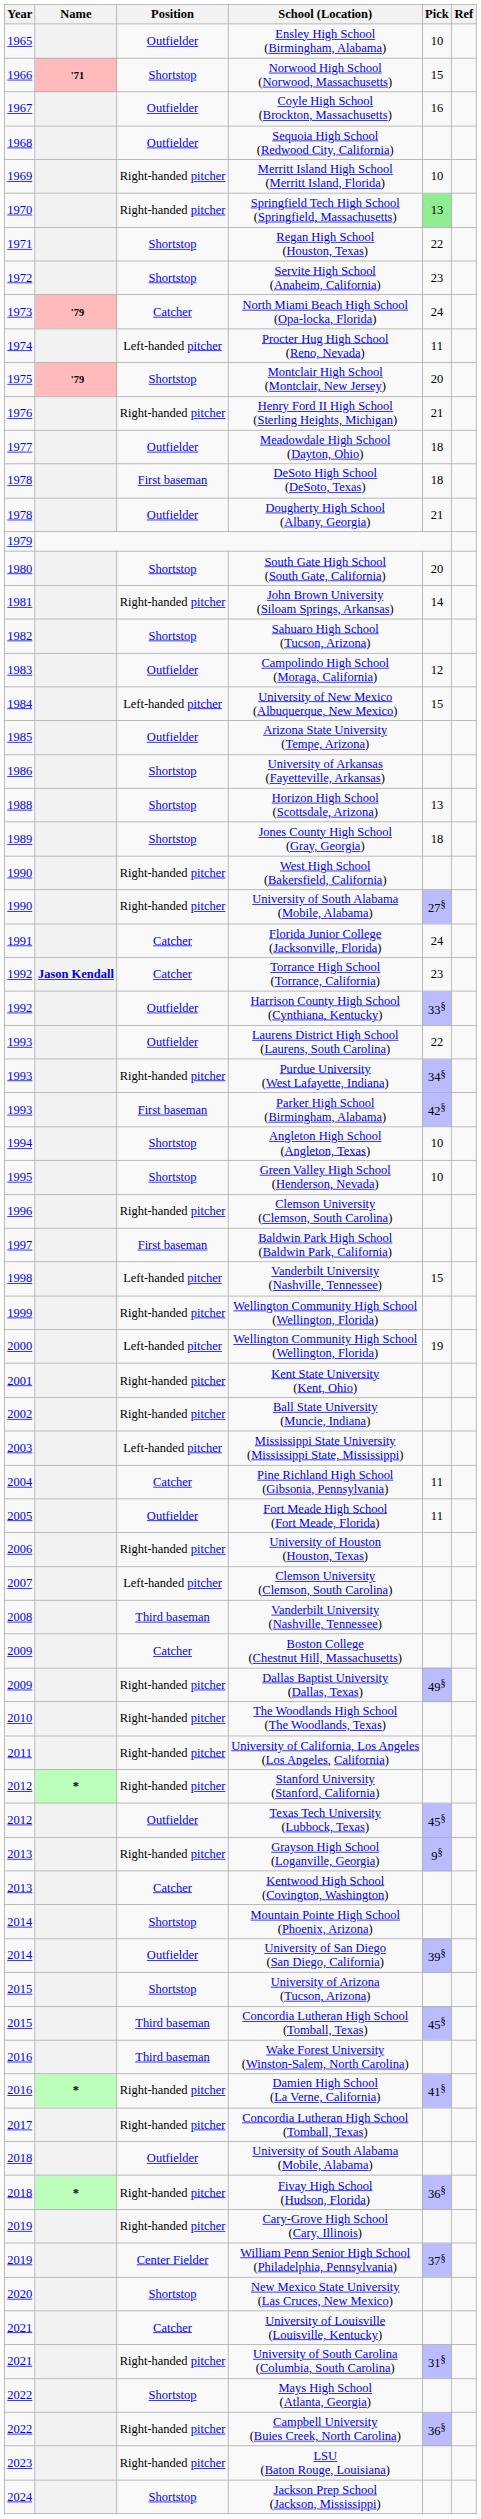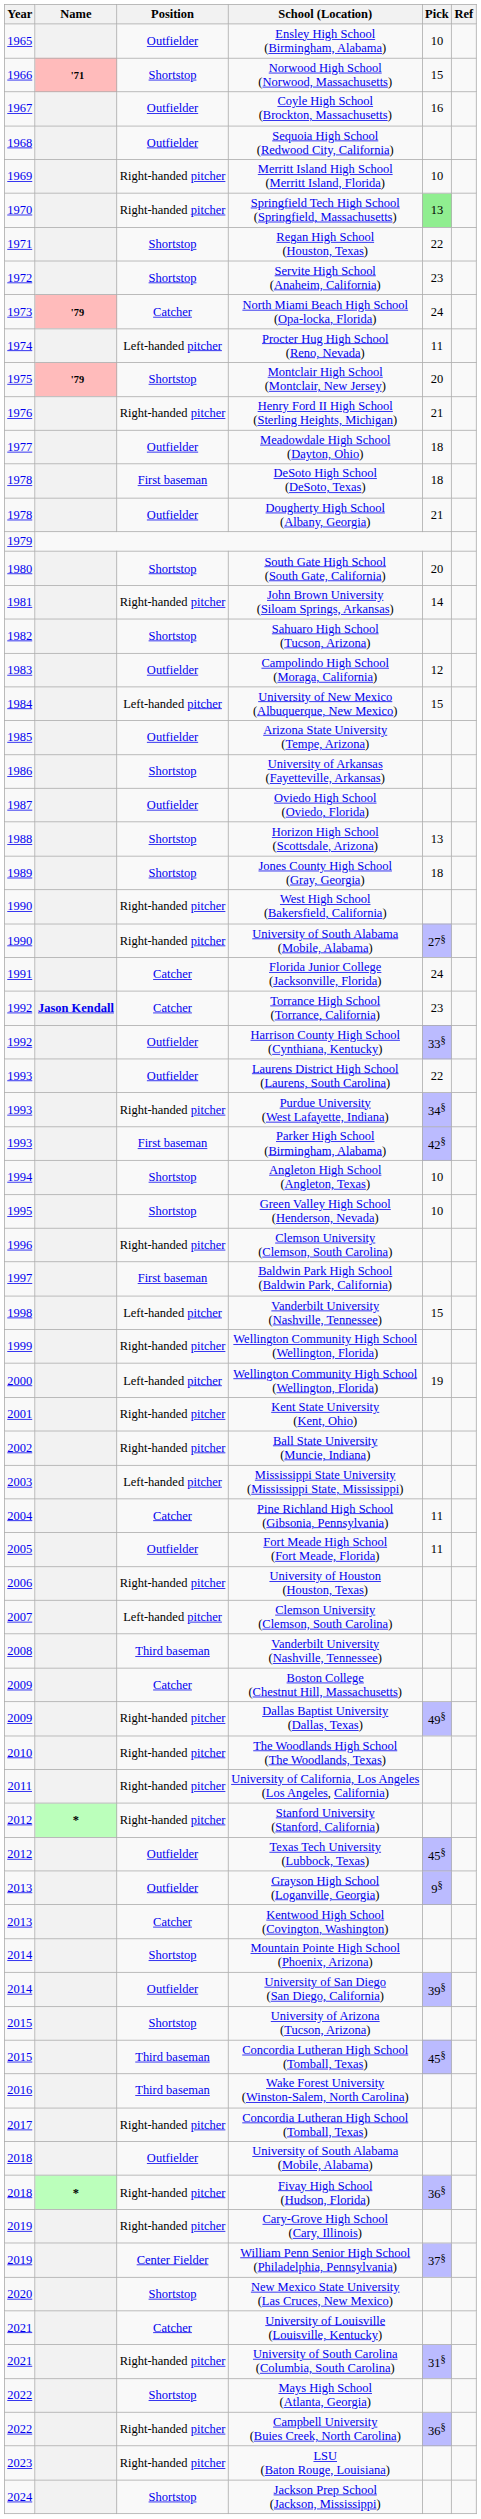 <table class="wikitable sortable plainrowheaders" style="text-align:center;" border="1">
 <tr>
 <th scope="col">Year</th>
 <th scope="col">Name</th>
 <th scope="col">Position</th>
 <th scope="col" class="unsortable">School (Location)</th>
 <th scope="col">Pick</th>
 <th scope="col" class="unsortable">Ref</th>
 </tr>
 <tr>
 <td><a href='#'>1965</a></td>
 <th scope="row" style="text-align: center;"></th>
 <td><a href='#'>Outfielder</a></td>
 <td><a href='#'>Ensley High School</a><br>(<a href='#'>Birmingham, Alabama</a>)</td>
 <td>10</td>
 <td></td>
 </tr>
 <tr>
 <td><a href='#'>1966</a></td>
 <th scope="row" style="background-color:#ffbbbb; text-align: center;"> <small>'71</small></th>
 <td><a href='#'>Shortstop</a></td>
 <td><a href='#'>Norwood High School</a><br>(<a href='#'>Norwood, Massachusetts</a>)</td>
 <td>15</td>
 <td></td>
 </tr>
 <tr>
 <td><a href='#'>1967</a></td>
 <th scope="row" style="text-align: center;"></th>
 <td><a href='#'>Outfielder</a></td>
 <td><a href='#'>Coyle High School</a><br>(<a href='#'>Brockton, Massachusetts</a>)</td>
 <td>16</td>
 <td></td>
 </tr>
 <tr>
 <td><a href='#'>1968</a></td>
 <th scope="row" style="text-align: center;"></th>
 <td><a href='#'>Outfielder</a></td>
 <td><a href='#'>Sequoia High School</a><br>(<a href='#'>Redwood City, California</a>)</td>
 <td></td>
 <td></td>
 </tr>
 <tr>
 <td><a href='#'>1969</a></td>
 <th scope="row" style="text-align: center;"></th>
 <td>Right-handed <a href='#'>pitcher</a></td>
 <td><a href='#'>Merritt Island High School</a><br>(<a href='#'>Merritt Island, Florida</a>)</td>
 <td>10</td>
 <td></td>
 </tr>
 <tr>
 <td><a href='#'>1970</a></td>
 <th scope="row" style="text-align: center;"></th>
 <td>Right-handed <a href='#'>pitcher</a></td>
 <td><a href='#'>Springfield Tech High School</a><br>(<a href='#'>Springfield, Massachusetts</a>)</td>
 <td style="background: lightgreen;">13</td>
 <td></td>
 </tr>
 <tr>
 <td><a href='#'>1971</a></td>
 <th scope="row" style="text-align: center;"></th>
 <td><a href='#'>Shortstop</a></td>
 <td><a href='#'>Regan High School</a> <br>(<a href='#'>Houston, Texas</a>)</td>
 <td>22</td>
 <td></td>
 </tr>
 <tr>
 <td><a href='#'>1972</a></td>
 <th scope="row" style="text-align: center;"></th>
 <td><a href='#'>Shortstop</a></td>
 <td><a href='#'>Servite High School</a><br>(<a href='#'>Anaheim, California</a>)</td>
 <td>23</td>
 <td></td>
 </tr>
 <tr>
 <td><a href='#'>1973</a></td>
 <th scope="row" style="background-color:#ffbbbb; text-align: center;"> <small>'79</small></th>
 <td><a href='#'>Catcher</a></td>
 <td><a href='#'>North Miami Beach High School</a><br>(<a href='#'>Opa-locka, Florida</a>)</td>
 <td>24</td>
 <td></td>
 </tr>
 <tr>
 <td><a href='#'>1974</a></td>
 <th scope="row" style="text-align: center;"></th>
 <td>Left-handed <a href='#'>pitcher</a></td>
 <td><a href='#'>Procter Hug High School</a><br>(<a href='#'>Reno, Nevada</a>)</td>
 <td>11</td>
 <td></td>
 </tr>
 <tr>
 <td><a href='#'>1975</a></td>
 <th scope="row" style="background-color:#ffbbbb; text-align: center;"> <small>'79</small></th>
 <td><a href='#'>Shortstop</a></td>
 <td><a href='#'>Montclair High School</a><br>(<a href='#'>Montclair, New Jersey</a>)</td>
 <td>20</td>
 <td></td>
 </tr>
 <tr>
 <td><a href='#'>1976</a></td>
 <th scope="row" style="text-align: center;"></th>
 <td>Right-handed <a href='#'>pitcher</a></td>
 <td><a href='#'>Henry Ford II High School</a><br>(<a href='#'>Sterling Heights, Michigan</a>)</td>
 <td>21</td>
 <td></td>
 </tr>
 <tr>
 <td><a href='#'>1977</a></td>
 <th scope="row" style="text-align: center;"></th>
 <td><a href='#'>Outfielder</a></td>
 <td><a href='#'>Meadowdale High School</a><br>(<a href='#'>Dayton, Ohio</a>)</td>
 <td>18</td>
 <td></td>
 </tr>
 <tr>
 <td><a href='#'>1978</a></td>
 <th scope="row" style="text-align: center;"></th>
 <td><a href='#'>First baseman</a></td>
 <td><a href='#'>DeSoto High School</a><br>(<a href='#'>DeSoto, Texas</a>)</td>
 <td>18</td>
 <td></td>
 </tr>
 <tr>
 <td><a href='#'>1978</a></td>
 <th scope="row" style="text-align: center;"></th>
 <td><a href='#'>Outfielder</a></td>
 <td><a href='#'>Dougherty High School</a><br>(<a href='#'>Albany, Georgia</a>)</td>
 <td>21</td>
 <td></td>
 </tr>
 <tr>
 <td><a href='#'>1979</a></td>
 <td colspan="4"></td>
 <td></td>
 </tr>
 <tr>
 <td><a href='#'>1980</a></td>
 <th scope="row" style="text-align: center;"></th>
 <td><a href='#'>Shortstop</a></td>
 <td><a href='#'>South Gate High School</a><br>(<a href='#'>South Gate, California</a>)</td>
 <td>20</td>
 <td></td>
 </tr>
 <tr>
 <td><a href='#'>1981</a></td>
 <th scope="row" style="text-align: center;"></th>
 <td>Right-handed <a href='#'>pitcher</a></td>
 <td><a href='#'>John Brown University</a><br>(<a href='#'>Siloam Springs, Arkansas</a>)</td>
 <td>14</td>
 <td></td>
 </tr>
 <tr>
 <td><a href='#'>1982</a></td>
 <th scope="row" style="text-align: center;"></th>
 <td><a href='#'>Shortstop</a></td>
 <td><a href='#'>Sahuaro High School</a><br>(<a href='#'>Tucson, Arizona</a>)</td>
 <td></td>
 <td></td>
 </tr>
 <tr>
 <td><a href='#'>1983</a></td>
 <th scope="row" style="text-align: center;"></th>
 <td><a href='#'>Outfielder</a></td>
 <td><a href='#'>Campolindo High School</a><br>(<a href='#'>Moraga, California</a>)</td>
 <td>12</td>
 <td></td>
 </tr>
 <tr>
 <td><a href='#'>1984</a></td>
 <th scope="row" style="text-align: center;"></th>
 <td>Left-handed <a href='#'>pitcher</a></td>
 <td><a href='#'>University of New Mexico</a><br>(<a href='#'>Albuquerque, New Mexico</a>)</td>
 <td>15</td>
 <td></td>
 </tr>
 <tr>
 <td><a href='#'>1985</a></td>
 <th scope="row" style="text-align: center;"></th>
 <td><a href='#'>Outfielder</a></td>
 <td><a href='#'>Arizona State University</a><br>(<a href='#'>Tempe, Arizona</a>)</td>
 <td></td>
 <td></td>
 </tr>
 <tr>
 <td><a href='#'>1986</a></td>
 <th scope="row" style="text-align: center;"></th>
 <td><a href='#'>Shortstop</a></td>
 <td><a href='#'>University of Arkansas</a><br>(<a href='#'>Fayetteville, Arkansas</a>)</td>
+<td></td>
+<td></td>
+</tr>
+<tr>
+<td><a href='#'>1987</a></td>
+<th scope="row" style="text-align: center;"></th>
+<td><a href='#'>Outfielder</a></td>
+<td><a href='#'>Oviedo High School</a><br>(<a href='#'>Oviedo, Florida</a>)</td>
 <td></td>
 <td></td>
 </tr>
 <tr>
 <td><a href='#'>1988</a></td>
 <th scope="row" style="text-align: center;"></th>
 <td><a href='#'>Shortstop</a></td>
 <td><a href='#'>Horizon High School</a><br>(<a href='#'>Scottsdale, Arizona</a>)</td>
 <td>13</td>
 <td></td>
 </tr>
 <tr>
 <td><a href='#'>1989</a></td>
 <th scope="row" style="text-align: center;"></th>
 <td><a href='#'>Shortstop</a></td>
 <td><a href='#'>Jones County High School</a><br>(<a href='#'>Gray, Georgia</a>)</td>
 <td>18</td>
 <td></td>
 </tr>
 <tr>
 <td><a href='#'>1990</a></td>
 <th scope="row" style="text-align: center;"></th>
 <td>Right-handed <a href='#'>pitcher</a></td>
 <td><a href='#'>West High School</a><br>(<a href='#'>Bakersfield, California</a>)</td>
 <td></td>
 <td></td>
 </tr>
 <tr>
 <td><a href='#'>1990</a></td>
 <th scope="row" style="text-align: center;"></th>
 <td>Right-handed <a href='#'>pitcher</a></td>
 <td><a href='#'>University of South Alabama</a><br>(<a href='#'>Mobile, Alabama</a>)</td>
 <td bgcolor="#bbbbff">27<sup>§</sup></td>
 <td></td>
 </tr>
 <tr>
 <td><a href='#'>1991</a></td>
 <th scope="row" style="text-align: center;"></th>
 <td><a href='#'>Catcher</a></td>
 <td><a href='#'>Florida Junior College</a><br>(<a href='#'>Jacksonville, Florida</a>)</td>
 <td>24</td>
 <td></td>
 </tr>
 <tr>
 <td><a href='#'>1992</a></td>
 <th scope="row" style="text-align: center;"><a href='#'>Jason Kendall</a></th>
 <td><a href='#'>Catcher</a></td>
 <td><a href='#'>Torrance High School</a><br>(<a href='#'>Torrance, California</a>)</td>
 <td>23</td>
 <td></td>
 </tr>
 <tr>
 <td><a href='#'>1992</a></td>
 <th scope="row" style="text-align: center;"></th>
 <td><a href='#'>Outfielder</a></td>
 <td><a href='#'>Harrison County High School</a><br>(<a href='#'>Cynthiana, Kentucky</a>)</td>
 <td bgcolor="#bbbbff">33<sup>§</sup></td>
 <td></td>
 </tr>
 <tr>
 <td><a href='#'>1993</a></td>
 <th scope="row" style="text-align: center;"></th>
 <td><a href='#'>Outfielder</a></td>
 <td><a href='#'>Laurens District High School</a><br>(<a href='#'>Laurens, South Carolina</a>)</td>
 <td>22</td>
 <td></td>
 </tr>
 <tr>
 <td><a href='#'>1993</a></td>
 <th scope="row" style="text-align: center;"></th>
 <td>Right-handed <a href='#'>pitcher</a></td>
 <td><a href='#'>Purdue University</a><br>(<a href='#'>West Lafayette, Indiana</a>)</td>
 <td bgcolor="#bbbbff">34<sup>§</sup></td>
 <td></td>
 </tr>
 <tr>
 <td><a href='#'>1993</a></td>
 <th scope="row" style="text-align: center;"></th>
 <td><a href='#'>First baseman</a></td>
 <td><a href='#'>Parker High School</a><br>(<a href='#'>Birmingham, Alabama</a>)</td>
 <td bgcolor="#bbbbff">42<sup>§</sup></td>
 <td></td>
 </tr>
 <tr>
 <td><a href='#'>1994</a></td>
 <th scope="row" style="text-align: center;"></th>
 <td><a href='#'>Shortstop</a></td>
 <td><a href='#'>Angleton High School</a><br>(<a href='#'>Angleton, Texas</a>)</td>
 <td>10</td>
 <td></td>
 </tr>
 <tr>
 <td><a href='#'>1995</a></td>
 <th scope="row" style="text-align: center;"></th>
 <td><a href='#'>Shortstop</a></td>
 <td><a href='#'>Green Valley High School</a><br>(<a href='#'>Henderson, Nevada</a>)</td>
 <td>10</td>
 <td></td>
 </tr>
 <tr>
 <td><a href='#'>1996</a></td>
 <th scope="row" style="text-align: center;"></th>
 <td>Right-handed <a href='#'>pitcher</a></td>
 <td><a href='#'>Clemson University</a><br>(<a href='#'>Clemson, South Carolina</a>)</td>
 <td></td>
 <td></td>
 </tr>
 <tr>
 <td><a href='#'>1997</a></td>
 <th scope="row" style="text-align: center;"></th>
 <td><a href='#'>First baseman</a></td>
 <td><a href='#'>Baldwin Park High School</a><br>(<a href='#'>Baldwin Park, California</a>)</td>
 <td></td>
 <td></td>
 </tr>
 <tr>
 <td><a href='#'>1998</a></td>
 <th scope="row" style="text-align: center;"></th>
 <td>Left-handed <a href='#'>pitcher</a></td>
 <td><a href='#'>Vanderbilt University</a><br>(<a href='#'>Nashville, Tennessee</a>)</td>
 <td>15</td>
 <td></td>
 </tr>
 <tr>
 <td><a href='#'>1999</a></td>
 <th scope="row" style="text-align: center;"></th>
 <td>Right-handed <a href='#'>pitcher</a></td>
 <td><a href='#'>Wellington Community High School</a><br>(<a href='#'>Wellington, Florida</a>)</td>
 <td></td>
 <td></td>
 </tr>
 <tr>
 <td><a href='#'>2000</a></td>
 <th scope="row" style="text-align: center;"></th>
 <td>Left-handed <a href='#'>pitcher</a></td>
 <td><a href='#'>Wellington Community High School</a><br>(<a href='#'>Wellington, Florida</a>)</td>
 <td>19</td>
 <td></td>
 </tr>
 <tr>
 <td><a href='#'>2001</a></td>
 <th scope="row" style="text-align: center;"></th>
 <td>Right-handed <a href='#'>pitcher</a></td>
 <td><a href='#'>Kent State University</a><br>(<a href='#'>Kent, Ohio</a>)</td>
 <td></td>
 <td></td>
 </tr>
 <tr>
 <td><a href='#'>2002</a></td>
 <th scope="row" style="text-align: center;"></th>
 <td>Right-handed <a href='#'>pitcher</a></td>
 <td><a href='#'>Ball State University</a><br>(<a href='#'>Muncie, Indiana</a>)</td>
 <td></td>
 <td></td>
 </tr>
 <tr>
 <td><a href='#'>2003</a></td>
 <th scope="row" style="text-align: center;"></th>
 <td>Left-handed <a href='#'>pitcher</a></td>
 <td><a href='#'>Mississippi State University</a><br>(<a href='#'>Mississippi State, Mississippi</a>)</td>
 <td></td>
 <td></td>
 </tr>
 <tr>
 <td><a href='#'>2004</a></td>
 <th scope="row" style="text-align: center;"></th>
 <td><a href='#'>Catcher</a></td>
 <td><a href='#'>Pine Richland High School</a><br>(<a href='#'>Gibsonia, Pennsylvania</a>)</td>
 <td>11</td>
 <td></td>
 </tr>
 <tr>
 <td><a href='#'>2005</a></td>
 <th scope="row" style="text-align: center;"></th>
 <td><a href='#'>Outfielder</a></td>
 <td><a href='#'>Fort Meade High School</a><br>(<a href='#'>Fort Meade, Florida</a>)</td>
 <td>11</td>
 <td></td>
 </tr>
 <tr>
 <td><a href='#'>2006</a></td>
 <th scope="row" style="text-align: center;"></th>
 <td>Right-handed <a href='#'>pitcher</a></td>
 <td><a href='#'>University of Houston</a><br>(<a href='#'>Houston, Texas</a>)</td>
 <td></td>
 <td></td>
 </tr>
 <tr>
 <td><a href='#'>2007</a></td>
 <th scope="row" style="text-align: center;"></th>
 <td>Left-handed <a href='#'>pitcher</a></td>
 <td><a href='#'>Clemson University</a><br>(<a href='#'>Clemson, South Carolina</a>)</td>
 <td></td>
 <td></td>
 </tr>
 <tr>
 <td><a href='#'>2008</a></td>
 <th scope="row" style="text-align: center;"></th>
 <td><a href='#'>Third baseman</a></td>
 <td><a href='#'>Vanderbilt University</a><br>(<a href='#'>Nashville, Tennessee</a>)</td>
 <td></td>
 <td></td>
 </tr>
 <tr>
 <td><a href='#'>2009</a></td>
 <th scope="row" style="text-align: center;"></th>
 <td><a href='#'>Catcher</a></td>
 <td><a href='#'>Boston College</a><br>(<a href='#'>Chestnut Hill, Massachusetts</a>)</td>
 <td></td>
 <td></td>
 </tr>
 <tr>
 <td><a href='#'>2009</a></td>
 <th scope="row" style="text-align: center;"></th>
 <td>Right-handed <a href='#'>pitcher</a></td>
 <td><a href='#'>Dallas Baptist University</a><br>(<a href='#'>Dallas, Texas</a>)</td>
 <td bgcolor="#bbbbff">49<sup>§</sup></td>
 <td></td>
 </tr>
 <tr>
 <td><a href='#'>2010</a></td>
 <th scope="row" style="text-align: center;"></th>
 <td>Right-handed <a href='#'>pitcher</a></td>
 <td><a href='#'>The Woodlands High School</a><br>(<a href='#'>The Woodlands, Texas</a>)</td>
 <td></td>
 <td></td>
 </tr>
 <tr>
 <td><a href='#'>2011</a></td>
 <th scope="row" style="text-align: center;"></th>
 <td>Right-handed <a href='#'>pitcher</a></td>
 <td><a href='#'>University of California, Los Angeles</a><br>(<a href='#'>Los Angeles</a>, <a href='#'>California</a>)</td>
 <td></td>
 <td></td>
 </tr>
 <tr>
 <td><a href='#'>2012</a></td>
 <th scope="row" style="background-color:#bbffbb; text-align: center;">*</th>
 <td>Right-handed <a href='#'>pitcher</a></td>
 <td><a href='#'>Stanford University</a><br>(<a href='#'>Stanford, California</a>)</td>
 <td></td>
 <td></td>
 </tr>
 <tr>
 <td><a href='#'>2012</a></td>
 <th scope="row" style="text-align: center;"></th>
 <td><a href='#'>Outfielder</a></td>
 <td><a href='#'>Texas Tech University</a><br>(<a href='#'>Lubbock, Texas</a>)</td>
 <td bgcolor="#bbbbff">45<sup>§</sup></td>
 <td></td>
 </tr>
 <tr>
 <td><a href='#'>2013</a></td>
 <th scope="row" style="text-align: center;"></th>
-<td>Right-handed <a href='#'>pitcher</a></td>
+<td><a href='#'>Outfielder</a></td>
 <td><a href='#'>Grayson High School</a><br>(<a href='#'>Loganville, Georgia</a>)</td>
 <td bgcolor="#bbbbff">9<sup>§</sup></td>
 <td></td>
 </tr>
 <tr>
 <td><a href='#'>2013</a></td>
 <th scope="row" style="text-align: center;"></th>
 <td><a href='#'>Catcher</a></td>
 <td><a href='#'>Kentwood High School</a><br>(<a href='#'>Covington, Washington</a>)</td>
 <td></td>
 <td></td>
 </tr>
 <tr>
 <td><a href='#'>2014</a></td>
 <th scope="row" style="text-align: center;"></th>
 <td><a href='#'>Shortstop</a></td>
 <td><a href='#'>Mountain Pointe High School</a><br>(<a href='#'>Phoenix, Arizona</a>)</td>
 <td></td>
 <td></td>
 </tr>
 <tr>
 <td><a href='#'>2014</a></td>
 <th scope="row" style="text-align: center;"></th>
 <td><a href='#'>Outfielder</a></td>
 <td><a href='#'>University of San Diego</a><br>(<a href='#'>San Diego, California</a>)</td>
 <td bgcolor="#bbbbff">39<sup>§</sup></td>
 <td></td>
 </tr>
 <tr>
 <td><a href='#'>2015</a></td>
 <th scope="row" style="text-align: center;"></th>
 <td><a href='#'>Shortstop</a></td>
 <td><a href='#'>University of Arizona</a><br>(<a href='#'>Tucson, Arizona</a>)</td>
 <td></td>
 <td></td>
 </tr>
 <tr>
 <td><a href='#'>2015</a></td>
 <th scope="row" style="text-align: center;"></th>
 <td><a href='#'>Third baseman</a></td>
 <td><a href='#'>Concordia Lutheran High School</a><br>(<a href='#'>Tomball, Texas</a>)</td>
 <td bgcolor="#bbbbff">45<sup>§</sup></td>
 <td></td>
 </tr>
 <tr>
 <td><a href='#'>2016</a></td>
 <th scope="row" style="text-align: center;"></th>
 <td><a href='#'>Third baseman</a></td>
 <td><a href='#'>Wake Forest University</a><br>(<a href='#'>Winston-Salem, North Carolina</a>)</td>
 <td></td>
-<td></td>
-</tr>
-<tr>
-<td><a href='#'>2016</a></td>
-<th scope="row" style="background-color:#bbffbb; text-align: center;">*</th>
-<td>Right-handed <a href='#'>pitcher</a></td>
-<td><a href='#'>Damien High School</a><br>(<a href='#'>La Verne, California</a>)</td>
-<td bgcolor="#bbbbff">41<sup>§</sup></td>
 <td></td>
 </tr>
 <tr>
 <td><a href='#'>2017</a></td>
 <th scope="row" style="text-align: center;"></th>
 <td>Right-handed <a href='#'>pitcher</a></td>
 <td><a href='#'>Concordia Lutheran High School</a><br>(<a href='#'>Tomball, Texas</a>)</td>
 <td></td>
 <td></td>
 </tr>
 <tr>
 <td><a href='#'>2018</a></td>
 <th scope="row" style="text-align: center;"></th>
 <td><a href='#'>Outfielder</a></td>
 <td><a href='#'>University of South Alabama</a><br>(<a href='#'>Mobile, Alabama</a>)</td>
 <td></td>
 <td></td>
 </tr>
 <tr>
 <td><a href='#'>2018</a></td>
 <th scope="row" style="background-color:#bbffbb; text-align: center;">*</th>
 <td>Right-handed <a href='#'>pitcher</a></td>
 <td><a href='#'>Fivay High School</a><br>(<a href='#'>Hudson, Florida</a>)</td>
 <td bgcolor="#bbbbff">36<sup>§</sup></td>
 <td></td>
 </tr>
 <tr>
 <td><a href='#'>2019</a></td>
 <th scope="row" style="text-align: center;"></th>
 <td>Right-handed <a href='#'>pitcher</a></td>
 <td><a href='#'>Cary-Grove High School</a><br>(<a href='#'>Cary, Illinois</a>)</td>
 <td></td>
 <td></td>
 </tr>
 <tr>
 <td><a href='#'>2019</a></td>
 <th scope="row" style="text-align: center;"></th>
 <td><a href='#'>Center Fielder</a></td>
 <td><a href='#'>William Penn Senior High School</a><br>(<a href='#'>Philadelphia, Pennsylvania</a>)</td>
 <td bgcolor="#bbbbff">37<sup>§</sup></td>
 <td></td>
 </tr>
 <tr>
 <td><a href='#'>2020</a></td>
 <th scope="row" style="text-align: center;"></th>
 <td><a href='#'>Shortstop</a></td>
 <td><a href='#'>New Mexico State University</a><br>(<a href='#'>Las Cruces, New Mexico</a>)</td>
 <td></td>
 <td></td>
 </tr>
 <tr>
 <td><a href='#'>2021</a></td>
 <th scope="row" style="text-align: center;"></th>
 <td><a href='#'>Catcher</a></td>
 <td><a href='#'>University of Louisville</a><br>(<a href='#'>Louisville, Kentucky</a>)</td>
 <td></td>
 <td></td>
 </tr>
 <tr>
 <td><a href='#'>2021</a></td>
 <th scope="row" style="text-align: center;"></th>
 <td>Right-handed <a href='#'>pitcher</a></td>
 <td><a href='#'>University of South Carolina</a><br>(<a href='#'>Columbia, South Carolina</a>)</td>
 <td bgcolor="#bbbbff">31<sup>§</sup></td>
 <td></td>
 </tr>
 <tr>
 <td><a href='#'>2022</a></td>
 <th scope="row" style="text-align: center;"></th>
 <td><a href='#'>Shortstop</a></td>
 <td><a href='#'>Mays High School</a><br>(<a href='#'>Atlanta, Georgia</a>)</td>
 <td></td>
 <td></td>
 </tr>
 <tr>
 <td><a href='#'>2022</a></td>
 <th scope="row" style="text-align: center;"></th>
 <td>Right-handed <a href='#'>pitcher</a></td>
 <td><a href='#'>Campbell University</a><br>(<a href='#'>Buies Creek, North Carolina</a>)</td>
 <td bgcolor="#bbbbff">36<sup>§</sup></td>
 <td></td>
 </tr>
 <tr>
 <td><a href='#'>2023</a></td>
 <th scope="row" style="text-align: center;"></th>
 <td>Right-handed <a href='#'>pitcher</a></td>
 <td><a href='#'>LSU</a><br>(<a href='#'>Baton Rouge, Louisiana</a>)</td>
 <td></td>
 <td></td>
 </tr>
 <tr>
 <td><a href='#'>2024</a></td>
 <th scope="row" style="text-align: center;"></th>
 <td><a href='#'>Shortstop</a></td>
 <td><a href='#'>Jackson Prep School</a><br>(<a href='#'>Jackson, Mississippi</a>)</td>
 <td></td>
 <td></td>
 </tr>
 </table>
